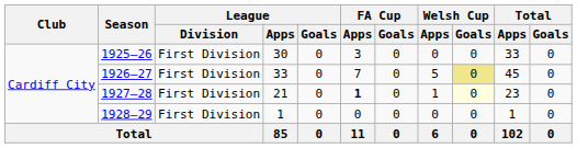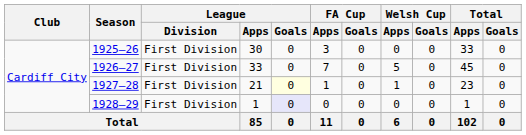 <table class="wikitable" style="text-align:center">
 <tr>
 <th rowspan="2">Club</th>
 <th rowspan="2">Season</th>
 <th colspan="3">League</th>
 <th colspan="2">FA Cup</th>
 <th colspan="2">Welsh Cup</th>
 <th colspan="2">Total</th>
 </tr>
 <tr>
 <th>Division</th>
 <th>Apps</th>
 <th>Goals</th>
 <th>Apps</th>
 <th>Goals</th>
 <th>Apps</th>
 <th>Goals</th>
 <th>Apps</th>
 <th>Goals</th>
 </tr>
 <tr>
 <td rowspan="4"><a href='#'>Cardiff City</a></td>
 <td><a href='#'>1925–26</a></td>
 <td>First Division</td>
 <td>30</td>
 <td>0</td>
 <td>3</td>
 <td>0</td>
 <td>0</td>
 <td>0</td>
 <td>33</td>
 <td>0</td>
 </tr>
 <tr>
 <td><a href='#'>1926–27</a></td>
 <td>First Division</td>
 <td>33</td>
 <td>0</td>
 <td>7</td>
 <td>0</td>
 <td>5</td>
-<td style="background: khaki;">0</td>
+<td>0</td>
 <td>45</td>
 <td>0</td>
 </tr>
 <tr>
 <td><a href='#'>1927–28</a></td>
 <td>First Division</td>
 <td>21</td>
-<td>0</td>
-<td><strong>1</strong></td>
+<td style="background: lightyellow;">0</td>
+<td>1</td>
 <td>0</td>
 <td>1</td>
-<td style="background: lightyellow;">0</td>
+<td>0</td>
 <td>23</td>
 <td>0</td>
 </tr>
 <tr>
 <td><a href='#'>1928–29</a></td>
 <td>First Division</td>
 <td>1</td>
-<td>0</td>
+<td style="background: lavender;">0</td>
 <td>0</td>
 <td>0</td>
 <td>0</td>
 <td>0</td>
 <td>1</td>
 <td>0</td>
 </tr>
 <tr>
 <th colspan="3">Total</th>
 <th>85</th>
 <th>0</th>
 <th>11</th>
 <th>0</th>
 <th>6</th>
 <th>0</th>
 <th>102</th>
 <th>0</th>
 </tr>
 </table>
